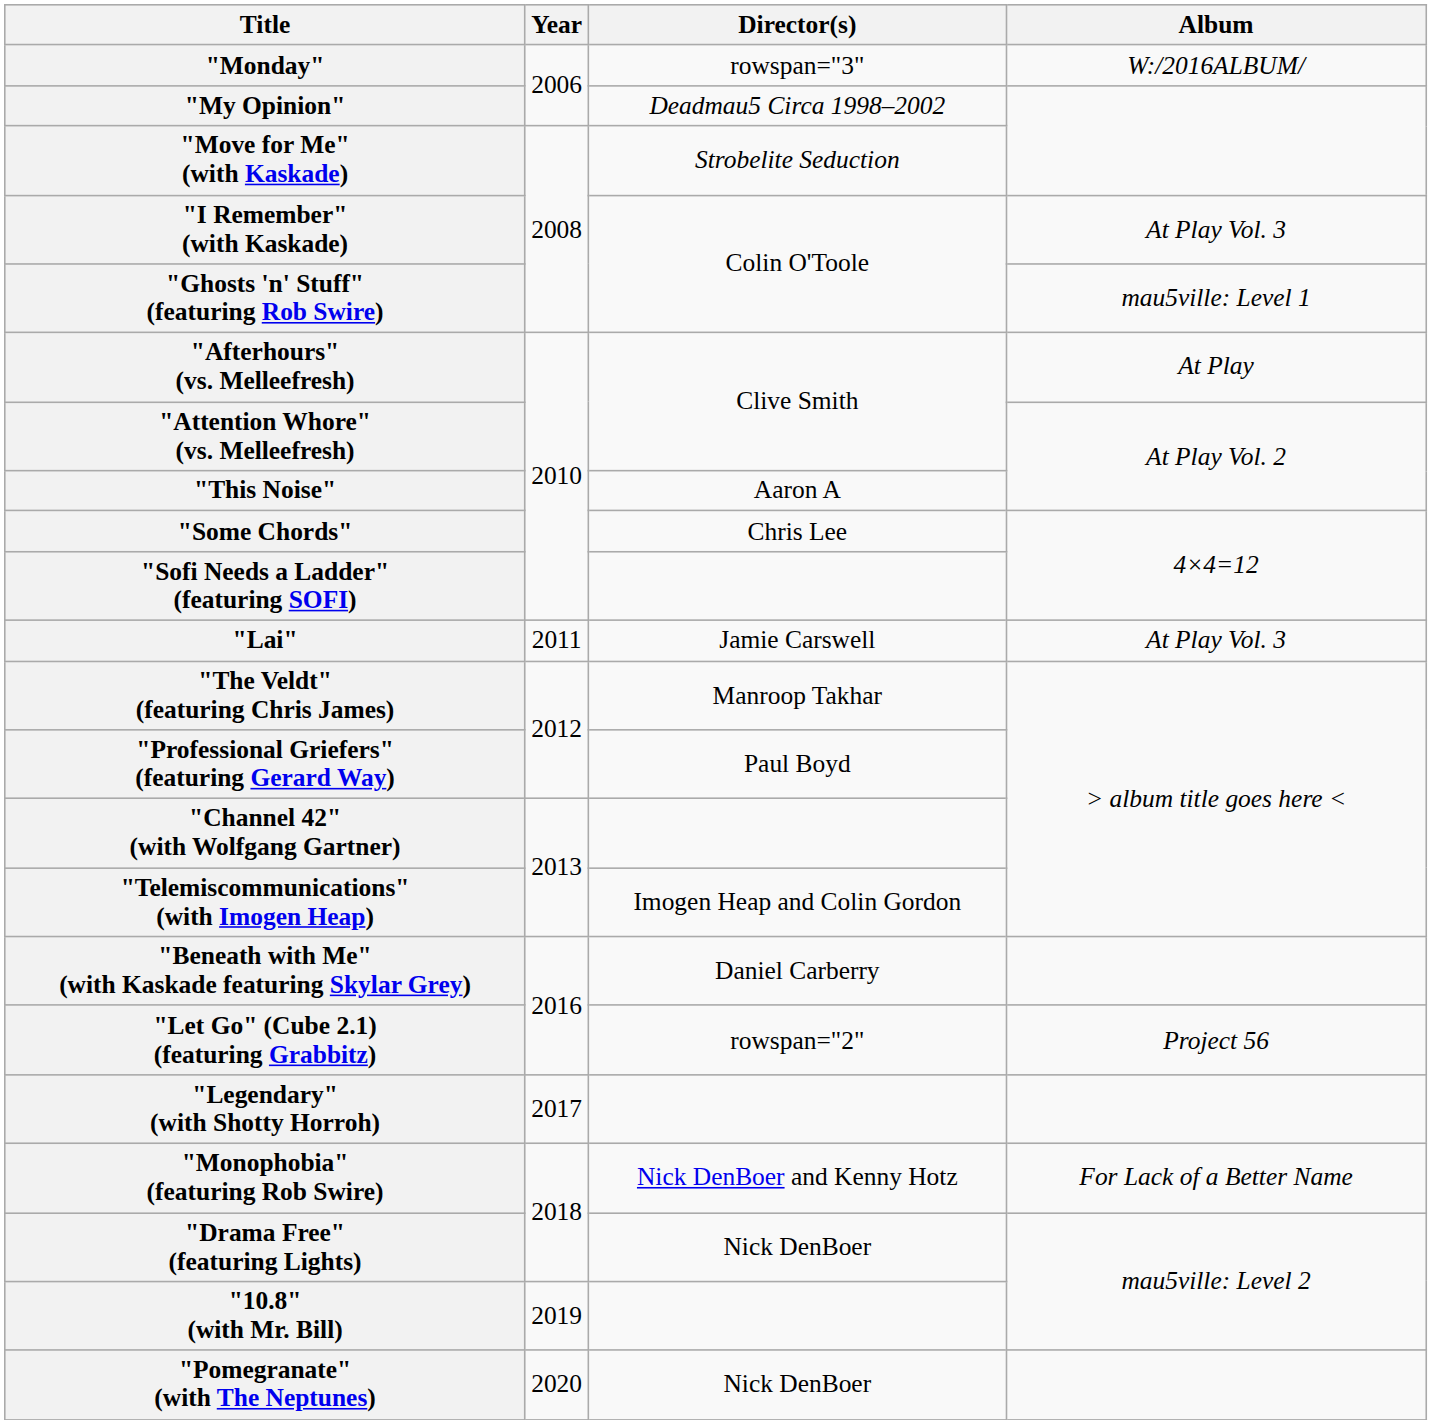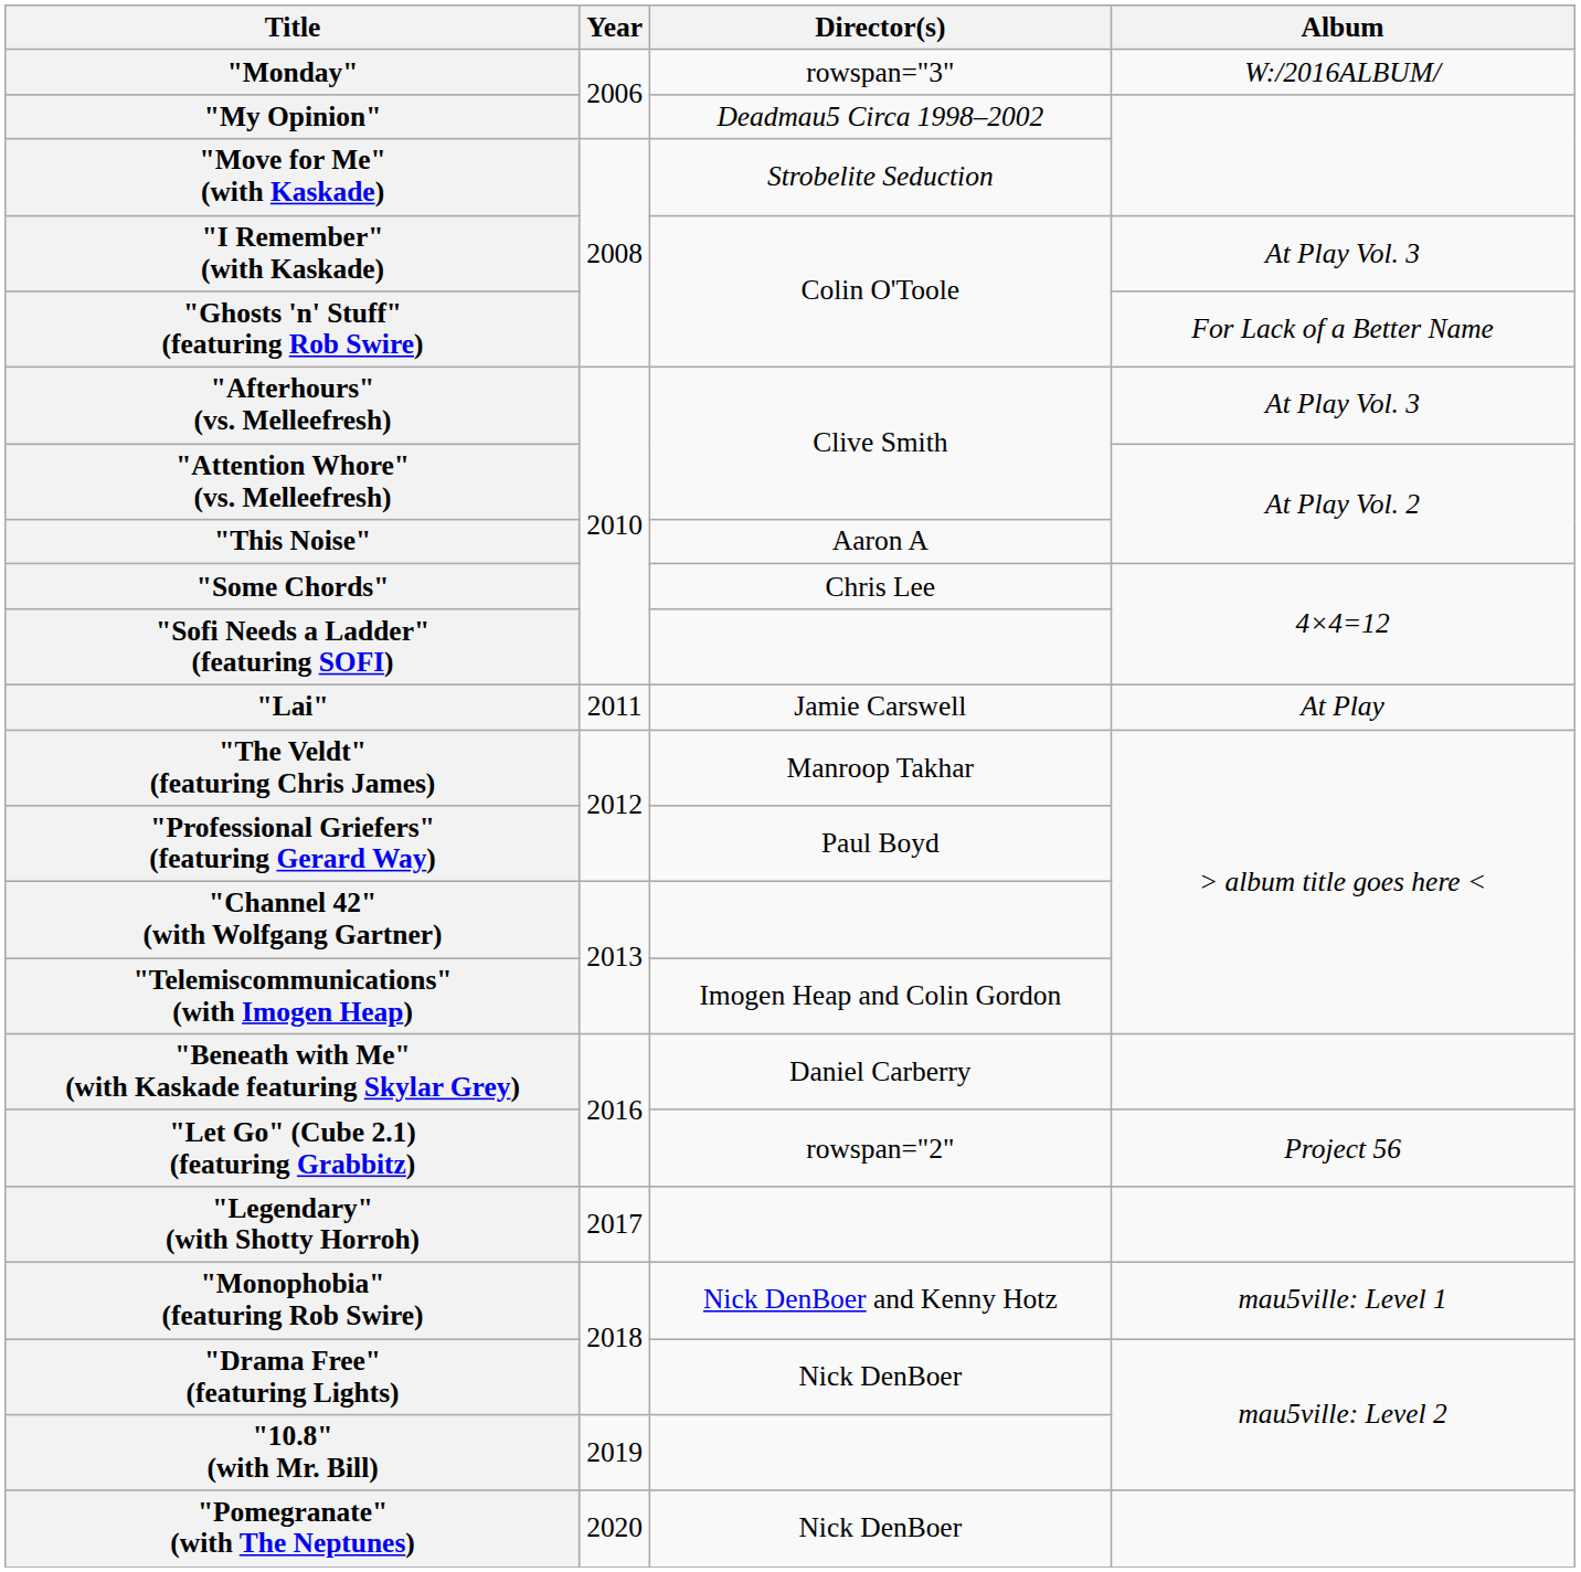 <table class="wikitable plainrowheaders" style="text-align:center;">
 <tr>
 <th scope="col" style="width:20em;">Title</th>
 <th scope="col">Year</th>
 <th scope="col" style="width:16em;">Director(s)</th>
 <th scope="col" style="width:16em;">Album</th>
 </tr>
 <tr>
 <th scope="row">"Monday"</th>
 <td rowspan="2">2006</td>
 <td>rowspan="3" </td>
 <td><em>W:/2016ALBUM/</em></td>
 </tr>
 <tr>
 <th scope="row">"My Opinion"</th>
 <td><em>Deadmau5 Circa 1998–2002</em></td>
 </tr>
 <tr>
 <th scope="row">"Move for Me" <br><span>(with <a href='#'>Kaskade</a>)</span></th>
 <td rowspan="3">2008</td>
 <td><em>Strobelite Seduction</em></td>
 </tr>
 <tr>
 <th scope="row">"I Remember" <br><span>(with Kaskade)</span></th>
 <td rowspan="2">Colin O'Toole</td>
 <td><em>At Play Vol. 3</em></td>
 </tr>
 <tr>
 <th scope="row">"Ghosts 'n' Stuff" <br><span>(featuring <a href='#'>Rob Swire</a>)</span></th>
-<td><em>mau5ville: Level 1</em></td>
+<td><em>For Lack of a Better Name</em></td>
 </tr>
 <tr>
 <th scope="row">"Afterhours" <br><span>(vs. Melleefresh)</span></th>
 <td rowspan="5">2010</td>
 <td rowspan="2">Clive Smith</td>
-<td><em>At Play</em></td>
+<td><em>At Play Vol. 3</em></td>
 </tr>
 <tr>
 <th scope="row">"Attention Whore" <br><span>(vs. Melleefresh)</span></th>
 <td rowspan="2"><em>At Play Vol. 2</em></td>
 </tr>
 <tr>
 <th scope="row">"This Noise"</th>
 <td>Aaron A</td>
 </tr>
 <tr>
 <th scope="row">"Some Chords"</th>
 <td>Chris Lee</td>
 <td rowspan="2"><em>4×4=12</em></td>
 </tr>
 <tr>
 <th scope="row">"Sofi Needs a Ladder" <br><span>(featuring <a href='#'>SOFI</a>)</span></th>
 <td></td>
 </tr>
 <tr>
 <th scope="row">"Lai"</th>
 <td>2011</td>
 <td>Jamie Carswell</td>
-<td><em>At Play Vol. 3</em></td>
+<td><em>At Play</em></td>
 </tr>
 <tr>
 <th scope="row">"The Veldt" <br><span>(featuring Chris James)</span></th>
 <td rowspan="2">2012</td>
 <td>Manroop Takhar</td>
 <td rowspan="4"><em>> album title goes here <</em></td>
 </tr>
 <tr>
 <th scope="row">"Professional Griefers" <br><span>(featuring <a href='#'>Gerard Way</a>)</span></th>
 <td>Paul Boyd</td>
 </tr>
 <tr>
 <th scope="row">"Channel 42" <br><span>(with Wolfgang Gartner)</span></th>
 <td rowspan="2">2013</td>
 <td></td>
 </tr>
 <tr>
 <th scope="row">"Telemiscommunications" <br><span>(with <a href='#'>Imogen Heap</a>)</span></th>
 <td>Imogen Heap and Colin Gordon</td>
 </tr>
 <tr>
 <th scope="row">"Beneath with Me" <br><span>(with Kaskade featuring <a href='#'>Skylar Grey</a>)</span></th>
 <td rowspan="2">2016</td>
 <td>Daniel Carberry</td>
 <td></td>
 </tr>
 <tr>
 <th scope="row">"Let Go" (Cube 2.1)<br><span>(featuring <a href='#'>Grabbitz</a>)</span></th>
 <td>rowspan="2" </td>
 <td><em>Project 56</em></td>
 </tr>
 <tr>
 <th scope="row">"Legendary"<br><span>(with Shotty Horroh)</span></th>
 <td>2017</td>
 <td></td>
 </tr>
 <tr>
 <th scope="row">"Monophobia"<br><span>(featuring Rob Swire)</span></th>
 <td rowspan="2">2018</td>
 <td><a href='#'>Nick DenBoer</a> and Kenny Hotz</td>
-<td><em>For Lack of a Better Name</em></td>
+<td><em>mau5ville: Level 1</em></td>
 </tr>
 <tr>
 <th scope="row">"Drama Free"<br><span>(featuring Lights)</span></th>
 <td>Nick DenBoer</td>
 <td rowspan="2"><em>mau5ville: Level 2</em></td>
 </tr>
 <tr>
 <th scope="row">"10.8"<br><span>(with Mr. Bill)</span></th>
 <td>2019</td>
 <td></td>
 </tr>
 <tr>
 <th scope="row">"Pomegranate"<br><span>(with <a href='#'>The Neptunes</a>)</span></th>
 <td>2020</td>
 <td>Nick DenBoer</td>
 <td></td>
 </tr>
 </table>
